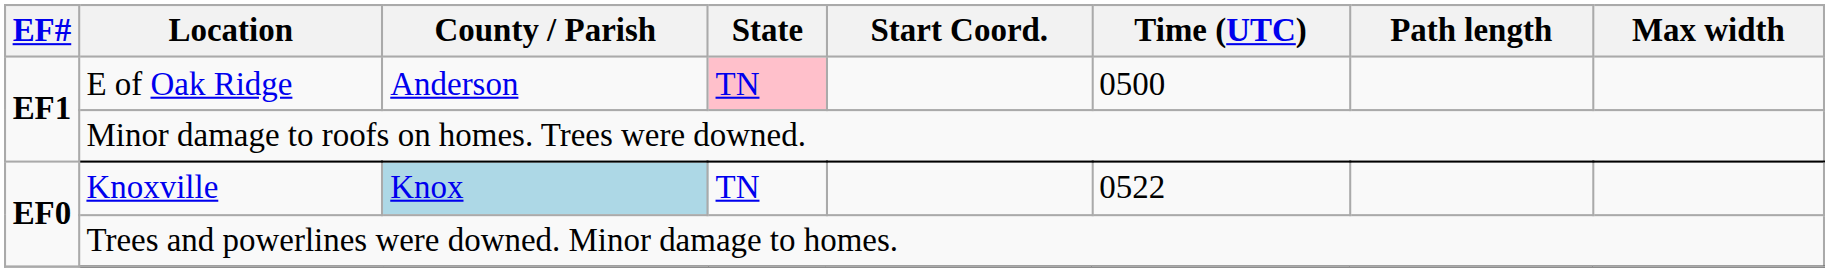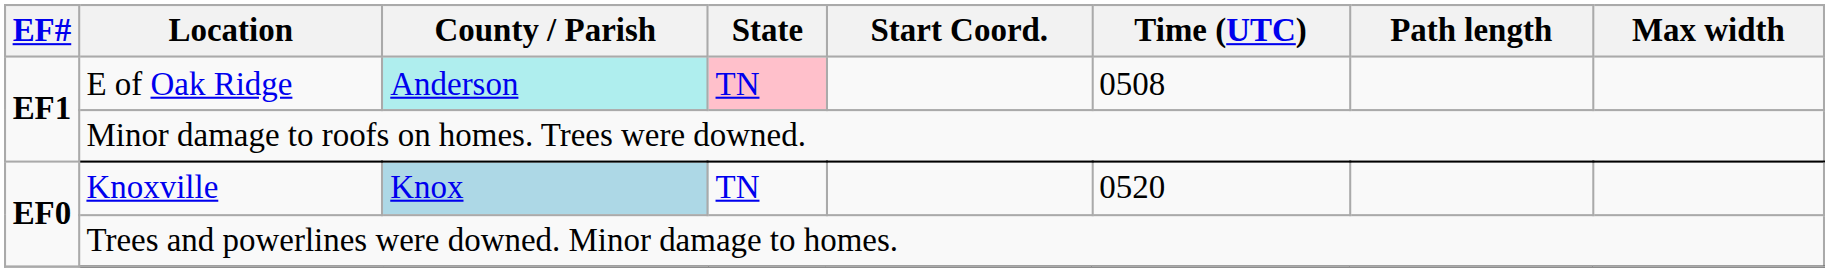 <table class="wikitable sortable" style="width:100%;">
 <tr>
 <th scope="col" width="2%" align="center"><a href='#'>EF#</a></th>
 <th scope="col" align="center" class="unsortable">Location</th>
 <th scope="col" align="center" class="unsortable">County / Parish</th>
 <th scope="col" align="center">State</th>
 <th scope="col" align="center" data-sort-type="number">Start Coord.</th>
 <th scope="col" align="center" data-sort-type="number">Time (<a href='#'>UTC</a>)</th>
 <th scope="col" align="center" data-sort-type="number">Path length</th>
 <th scope="col" align="center" data-sort-type="number">Max width</th>
 </tr>
 <tr>
 <td rowspan="2" align="center"><strong>EF1</strong></td>
 <td>E of <a href='#'>Oak Ridge</a></td>
-<td><a href='#'>Anderson</a></td>
+<td style="background: paleturquoise;"><a href='#'>Anderson</a></td>
 <td style="background: pink;"><a href='#'>TN</a></td>
 <td></td>
-<td>0500</td>
+<td>0508</td>
 <td></td>
 <td></td>
 </tr>
 <tr class="expand-child">
 <td colspan="8" style=" border-bottom: 1px solid black;">Minor damage to roofs on homes. Trees were downed.</td>
 </tr>
 <tr>
 <td rowspan="2" align="center"><strong>EF0</strong></td>
 <td><a href='#'>Knoxville</a></td>
 <td style="background: lightblue;"><a href='#'>Knox</a></td>
 <td><a href='#'>TN</a></td>
 <td></td>
-<td>0522</td>
+<td>0520</td>
 <td></td>
 <td></td>
 </tr>
 <tr class="expand-child">
 <td colspan="8" style=" border-bottom: 1px solid black;">Trees and powerlines were downed. Minor damage to homes.</td>
 </tr>
 <tr>
 </tr>
 </table>
